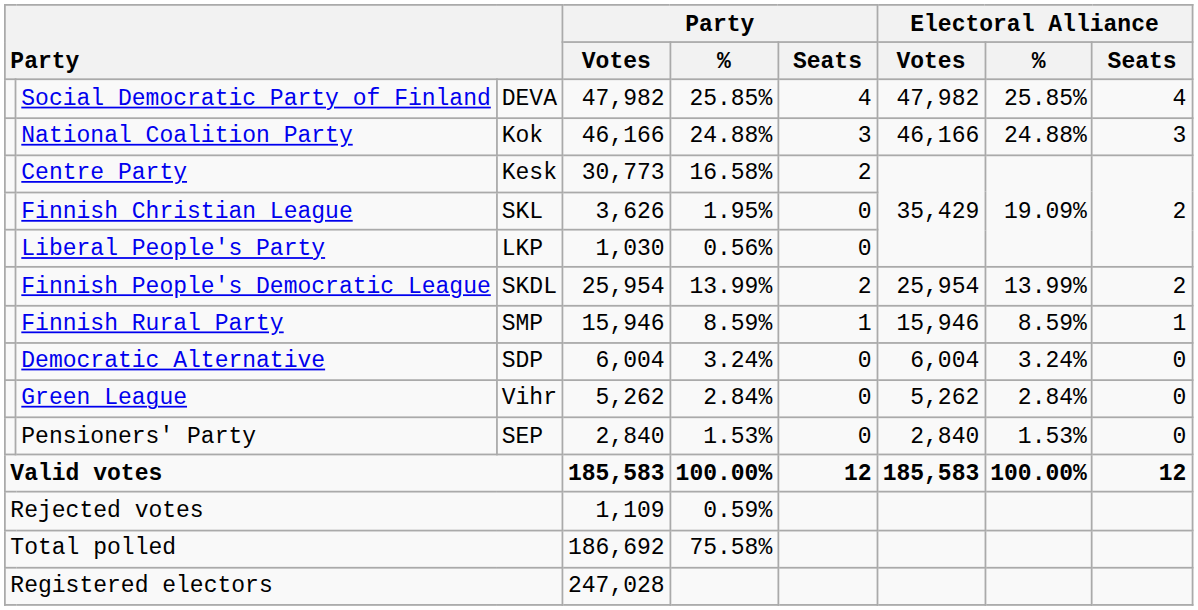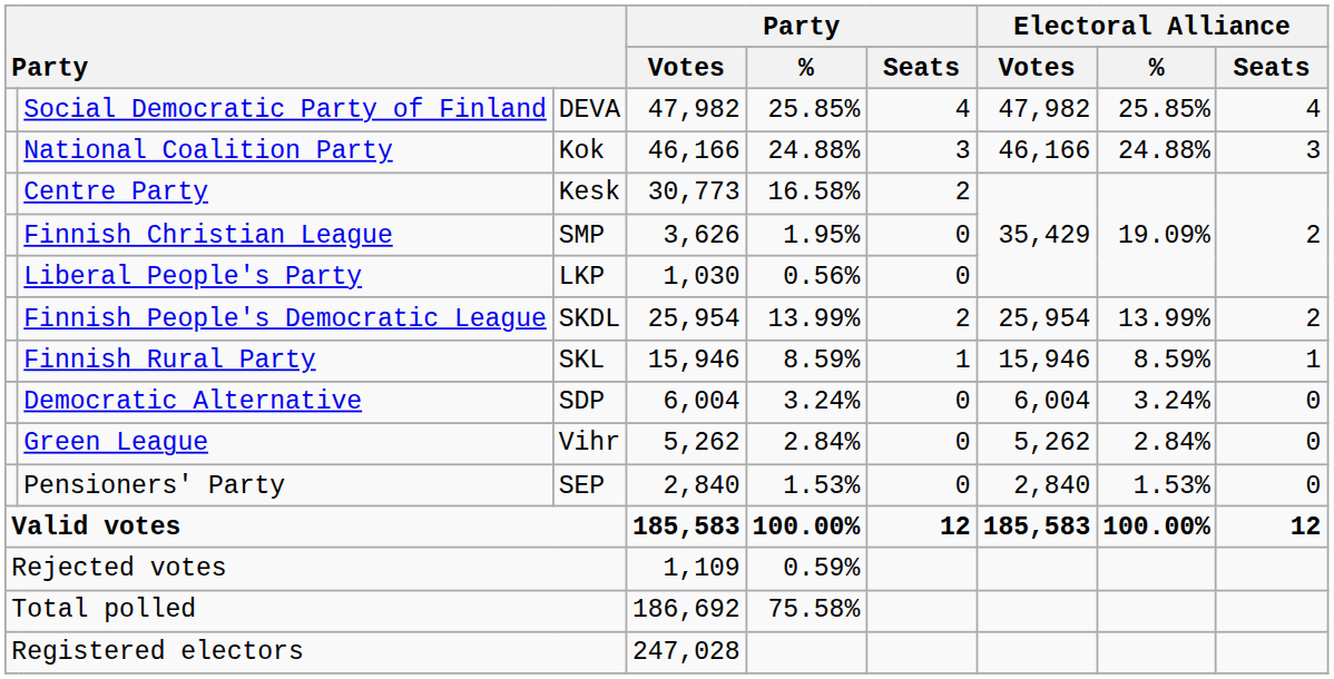 <table class="wikitable" border="1" style="text-align:right;">
 <tr>
 <th style="text-align:left;" valign=bottom rowspan=2 colspan=3>Party</th>
 <th colspan=3>Party</th>
 <th colspan=3>Electoral Alliance</th>
 </tr>
 <tr>
 <th align=center valign=bottom width="50">Votes</th>
 <th align=center valign=bottom width="50">%</th>
 <th align=center valign=bottom width="50">Seats</th>
 <th align=center valign=bottom width="50">Votes</th>
 <th align=center valign=bottom width="50">%</th>
 <th align=center valign=bottom width="50">Seats</th>
 </tr>
 <tr>
 <td></td>
 <td align=left style="white-space: nowrap;"><a href='#'>Social Democratic Party of Finland</a></td>
 <td align=left>DEVA</td>
 <td>47,982</td>
 <td>25.85%</td>
 <td>4</td>
 <td>47,982</td>
 <td>25.85%</td>
 <td>4</td>
 </tr>
 <tr>
 <td></td>
 <td align=left><a href='#'>National Coalition Party</a></td>
 <td align=left>Kok</td>
 <td>46,166</td>
 <td>24.88%</td>
 <td>3</td>
 <td>46,166</td>
 <td>24.88%</td>
 <td>3</td>
 </tr>
 <tr>
 <td></td>
 <td align=left><a href='#'>Centre Party</a></td>
 <td align=left>Kesk</td>
 <td>30,773</td>
 <td>16.58%</td>
 <td>2</td>
 <td rowspan=3>35,429</td>
 <td rowspan=3>19.09%</td>
 <td rowspan=3>2</td>
 </tr>
 <tr>
 <td></td>
 <td align=left><a href='#'>Finnish Christian League</a></td>
-<td align=left>SKL</td>
+<td align=left>SMP</td>
 <td>3,626</td>
 <td>1.95%</td>
 <td>0</td>
 </tr>
 <tr>
 <td></td>
 <td align=left><a href='#'>Liberal People's Party</a></td>
 <td align=left>LKP</td>
 <td>1,030</td>
 <td>0.56%</td>
 <td>0</td>
 </tr>
 <tr>
 <td></td>
 <td align=left><a href='#'>Finnish People's Democratic League</a></td>
 <td align=left>SKDL</td>
 <td>25,954</td>
 <td>13.99%</td>
 <td>2</td>
 <td>25,954</td>
 <td>13.99%</td>
 <td>2</td>
 </tr>
 <tr>
 <td></td>
 <td align=left><a href='#'>Finnish Rural Party</a></td>
-<td align=left>SMP</td>
+<td align=left>SKL</td>
 <td>15,946</td>
 <td>8.59%</td>
 <td>1</td>
 <td>15,946</td>
 <td>8.59%</td>
 <td>1</td>
 </tr>
 <tr>
 <td></td>
 <td align=left><a href='#'>Democratic Alternative</a></td>
 <td align=left>SDP</td>
 <td>6,004</td>
 <td>3.24%</td>
 <td>0</td>
 <td>6,004</td>
 <td>3.24%</td>
 <td>0</td>
 </tr>
 <tr>
 <td></td>
 <td align=left><a href='#'>Green League</a></td>
 <td align=left>Vihr</td>
 <td>5,262</td>
 <td>2.84%</td>
 <td>0</td>
 <td>5,262</td>
 <td>2.84%</td>
 <td>0</td>
 </tr>
 <tr>
 <td></td>
 <td align=left>Pensioners' Party</td>
 <td align=left>SEP</td>
 <td>2,840</td>
 <td>1.53%</td>
 <td>0</td>
 <td>2,840</td>
 <td>1.53%</td>
 <td>0</td>
 </tr>
 <tr style="font-weight:bold">
 <td align=left colspan=3>Valid votes</td>
 <td>185,583</td>
 <td>100.00%</td>
 <td>12</td>
 <td>185,583</td>
 <td>100.00%</td>
 <td>12</td>
 </tr>
 <tr>
 <td align=left colspan=3>Rejected votes</td>
 <td>1,109</td>
 <td>0.59%</td>
 <td></td>
 <td></td>
 <td></td>
 <td></td>
 </tr>
 <tr>
 <td align=left colspan=3>Total polled</td>
 <td>186,692</td>
 <td>75.58%</td>
 <td></td>
 <td></td>
 <td></td>
 <td></td>
 </tr>
 <tr>
 <td align=left colspan=3>Registered electors</td>
 <td>247,028</td>
 <td></td>
 <td></td>
 <td></td>
 <td></td>
 <td></td>
 </tr>
 </table>
